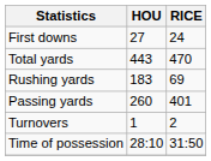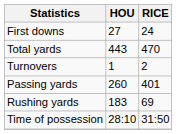 <table class="wikitable" style="float: left;">
 <tr>
 <th>Statistics</th>
 <th>HOU</th>
 <th>RICE</th>
 </tr>
 <tr>
 <td>First downs</td>
 <td>27</td>
 <td>24</td>
 </tr>
 <tr>
 <td>Total yards</td>
 <td>443</td>
 <td>470</td>
 </tr>
 <tr>
-<td>Rushing yards</td>
-<td>183</td>
-<td>69</td>
+<td>Turnovers</td>
+<td>1</td>
+<td>2</td>
 </tr>
 <tr>
 <td>Passing yards</td>
 <td>260</td>
 <td>401</td>
 </tr>
 <tr>
-<td>Turnovers</td>
-<td>1</td>
-<td>2</td>
+<td>Rushing yards</td>
+<td>183</td>
+<td>69</td>
 </tr>
 <tr>
 <td>Time of possession</td>
 <td>28:10</td>
 <td>31:50</td>
 </tr>
 <tr>
 </tr>
 </table>
